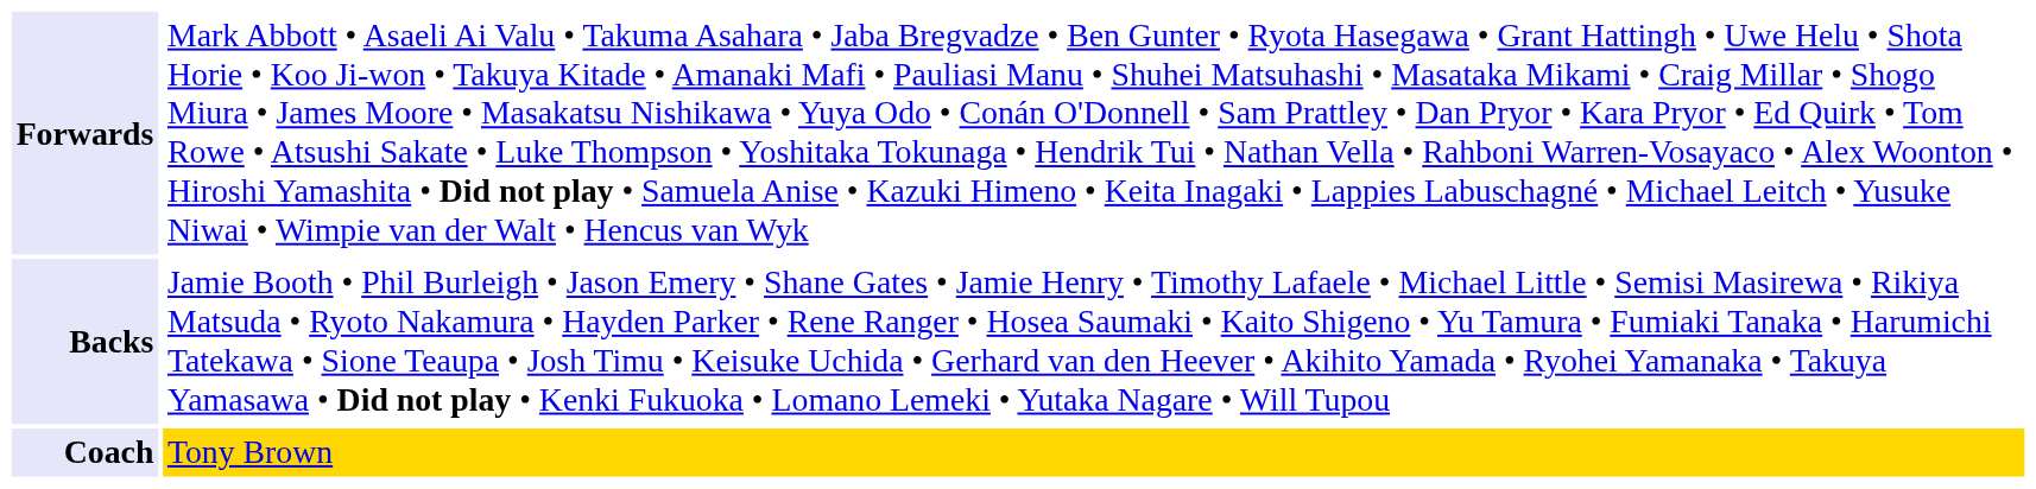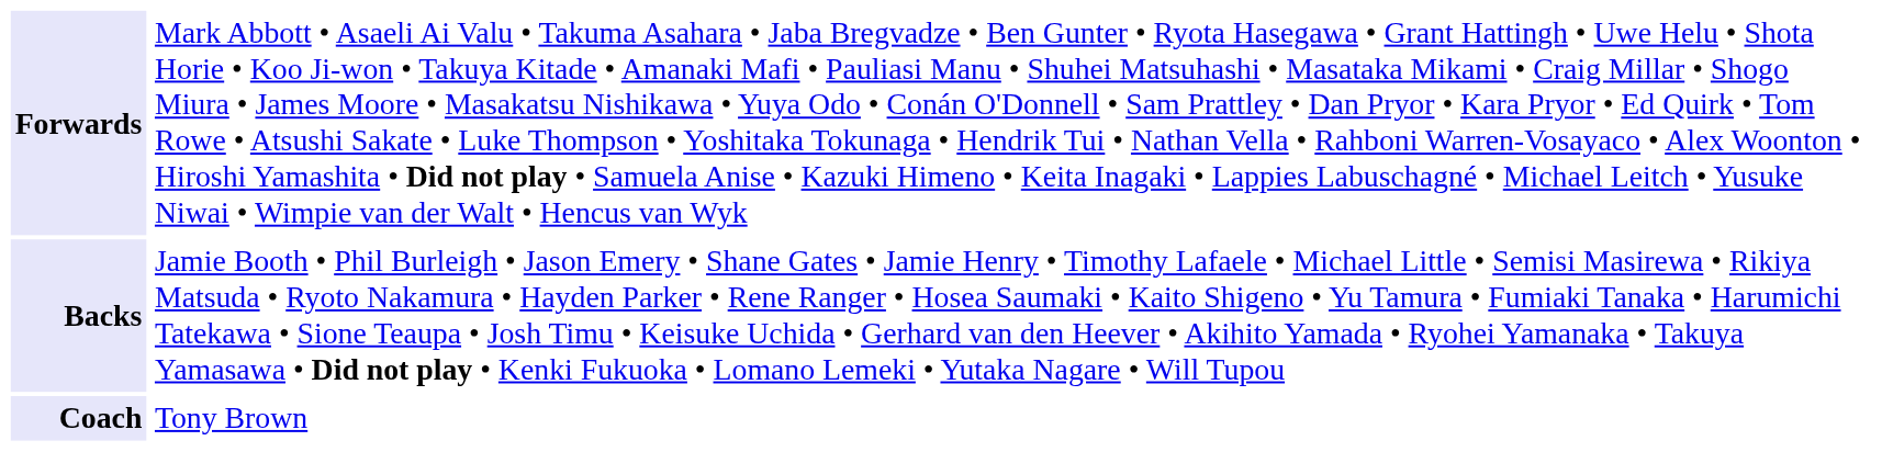 <table cellpadding="2" style="border: 1px solid white; font-size:90%;">
 <tr>
 <td style="text-align:right;" bgcolor="lavender"><strong>Forwards</strong></td>
 <td style="text-align:left;"><a href='#'>Mark Abbott</a> • <a href='#'>Asaeli Ai Valu</a> • <a href='#'>Takuma Asahara</a> • <a href='#'>Jaba Bregvadze</a> • <a href='#'>Ben Gunter</a> • <a href='#'>Ryota Hasegawa</a> • <a href='#'>Grant Hattingh</a> • <a href='#'>Uwe Helu</a> • <a href='#'>Shota Horie</a> • <a href='#'>Koo Ji-won</a> • <a href='#'>Takuya Kitade</a> • <a href='#'>Amanaki Mafi</a> • <a href='#'>Pauliasi Manu</a> • <a href='#'>Shuhei Matsuhashi</a> • <a href='#'>Masataka Mikami</a> • <a href='#'>Craig Millar</a> • <a href='#'>Shogo Miura</a> • <a href='#'>James Moore</a> • <a href='#'>Masakatsu Nishikawa</a> • <a href='#'>Yuya Odo</a> • <a href='#'>Conán O'Donnell</a> • <a href='#'>Sam Prattley</a> • <a href='#'>Dan Pryor</a> • <a href='#'>Kara Pryor</a> • <a href='#'>Ed Quirk</a> • <a href='#'>Tom Rowe</a> • <a href='#'>Atsushi Sakate</a> • <a href='#'>Luke Thompson</a> • <a href='#'>Yoshitaka Tokunaga</a> • <a href='#'>Hendrik Tui</a> • <a href='#'>Nathan Vella</a> • <a href='#'>Rahboni Warren-Vosayaco</a> • <a href='#'>Alex Woonton</a> • <a href='#'>Hiroshi Yamashita</a> • <strong>Did not play</strong> • <a href='#'>Samuela Anise</a> • <a href='#'>Kazuki Himeno</a> • <a href='#'>Keita Inagaki</a> • <a href='#'>Lappies Labuschagné</a> • <a href='#'>Michael Leitch</a> • <a href='#'>Yusuke Niwai</a> • <a href='#'>Wimpie van der Walt</a> • <a href='#'>Hencus van Wyk</a></td>
 </tr>
 <tr>
 <td style="text-align:right;" bgcolor="lavender"><strong>Backs</strong></td>
 <td style="text-align:left;"><a href='#'>Jamie Booth</a> • <a href='#'>Phil Burleigh</a> • <a href='#'>Jason Emery</a> • <a href='#'>Shane Gates</a> • <a href='#'>Jamie Henry</a> • <a href='#'>Timothy Lafaele</a> • <a href='#'>Michael Little</a> • <a href='#'>Semisi Masirewa</a> • <a href='#'>Rikiya Matsuda</a> • <a href='#'>Ryoto Nakamura</a> • <a href='#'>Hayden Parker</a> • <a href='#'>Rene Ranger</a> • <a href='#'>Hosea Saumaki</a> • <a href='#'>Kaito Shigeno</a> • <a href='#'>Yu Tamura</a> • <a href='#'>Fumiaki Tanaka</a> • <a href='#'>Harumichi Tatekawa</a> • <a href='#'>Sione Teaupa</a> • <a href='#'>Josh Timu</a> • <a href='#'>Keisuke Uchida</a> • <a href='#'>Gerhard van den Heever</a> • <a href='#'>Akihito Yamada</a> • <a href='#'>Ryohei Yamanaka</a> • <a href='#'>Takuya Yamasawa</a> • <strong>Did not play</strong> • <a href='#'>Kenki Fukuoka</a> • <a href='#'>Lomano Lemeki</a> • <a href='#'>Yutaka Nagare</a> • <a href='#'>Will Tupou</a></td>
 </tr>
 <tr>
 <td style="text-align:right;" bgcolor="lavender"><strong>Coach</strong></td>
-<td style="background: gold; text-align:left;"><a href='#'>Tony Brown</a></td>
+<td style="text-align:left;"><a href='#'>Tony Brown</a></td>
 </tr>
 </table>
